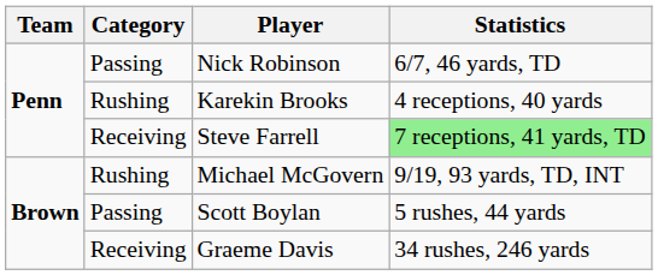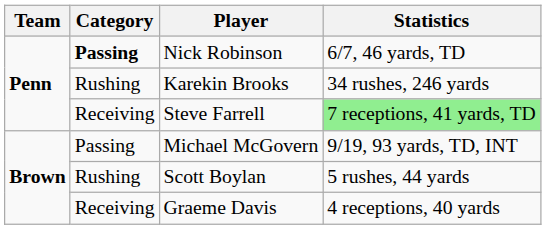 <table class="wikitable" style="float: left;">
 <tr>
 <th>Team</th>
 <th>Category</th>
 <th>Player</th>
 <th>Statistics</th>
 </tr>
 <tr>
 <td rowspan=3><strong>Penn</strong></td>
-<td>Passing</td>
+<td><strong>Passing</strong></td>
 <td>Nick Robinson</td>
 <td>6/7, 46 yards, TD</td>
 </tr>
 <tr>
 <td>Rushing</td>
 <td>Karekin Brooks</td>
-<td>4 receptions, 40 yards</td>
+<td>34 rushes, 246 yards</td>
 </tr>
 <tr>
 <td>Receiving</td>
 <td>Steve Farrell</td>
 <td style="background: lightgreen;">7 receptions, 41 yards, TD</td>
 </tr>
 <tr>
 <td rowspan=3><strong>Brown</strong></td>
-<td>Rushing</td>
+<td>Passing</td>
 <td>Michael McGovern</td>
 <td>9/19, 93 yards, TD, INT</td>
 </tr>
 <tr>
-<td>Passing</td>
+<td>Rushing</td>
 <td>Scott Boylan</td>
 <td>5 rushes, 44 yards</td>
 </tr>
 <tr>
 <td>Receiving</td>
 <td>Graeme Davis</td>
-<td>34 rushes, 246 yards</td>
+<td>4 receptions, 40 yards</td>
 </tr>
 </table>
